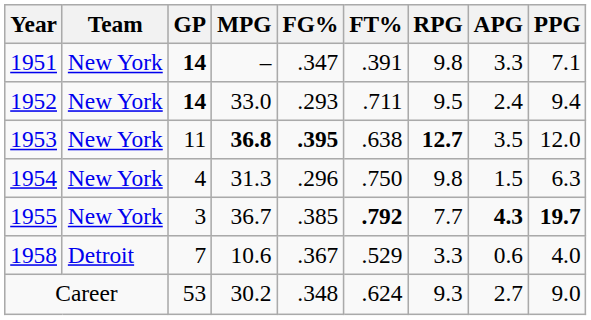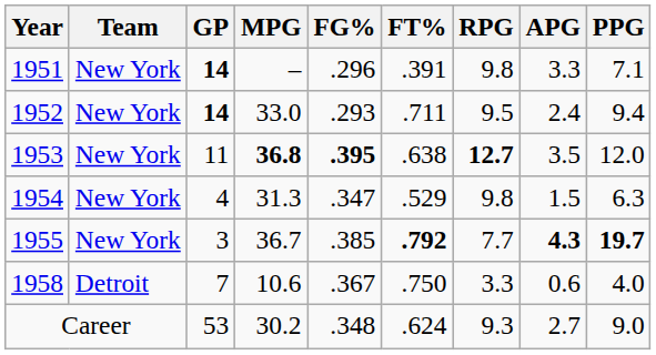 <table class="wikitable sortable" style="font-size:95%; text-align:right;">
 <tr>
 <th>Year</th>
 <th>Team</th>
 <th>GP</th>
 <th>MPG</th>
 <th>FG%</th>
 <th>FT%</th>
 <th>RPG</th>
 <th>APG</th>
 <th>PPG</th>
 </tr>
 <tr>
 <td style="text-align:left;"><a href='#'>1951</a></td>
 <td style="text-align:left;"><a href='#'>New York</a></td>
 <td><strong>14</strong></td>
 <td>–</td>
-<td>.347</td>
+<td>.296</td>
 <td>.391</td>
 <td>9.8</td>
 <td>3.3</td>
 <td>7.1</td>
 </tr>
 <tr>
 <td style="text-align:left;"><a href='#'>1952</a></td>
 <td style="text-align:left;"><a href='#'>New York</a></td>
 <td><strong>14</strong></td>
 <td>33.0</td>
 <td>.293</td>
 <td>.711</td>
 <td>9.5</td>
 <td>2.4</td>
 <td>9.4</td>
 </tr>
 <tr>
 <td style="text-align:left;"><a href='#'>1953</a></td>
 <td style="text-align:left;"><a href='#'>New York</a></td>
 <td>11</td>
 <td><strong>36.8</strong></td>
 <td><strong>.395</strong></td>
 <td>.638</td>
 <td><strong>12.7</strong></td>
 <td>3.5</td>
 <td>12.0</td>
 </tr>
 <tr>
 <td style="text-align:left;"><a href='#'>1954</a></td>
 <td style="text-align:left;"><a href='#'>New York</a></td>
 <td>4</td>
 <td>31.3</td>
-<td>.296</td>
-<td>.750</td>
+<td>.347</td>
+<td>.529</td>
 <td>9.8</td>
 <td>1.5</td>
 <td>6.3</td>
 </tr>
 <tr>
 <td style="text-align:left;"><a href='#'>1955</a></td>
 <td style="text-align:left;"><a href='#'>New York</a></td>
 <td>3</td>
 <td>36.7</td>
 <td>.385</td>
 <td><strong>.792</strong></td>
 <td>7.7</td>
 <td><strong>4.3</strong></td>
 <td><strong>19.7</strong></td>
 </tr>
 <tr>
 <td style="text-align:left;"><a href='#'>1958</a></td>
 <td style="text-align:left;"><a href='#'>Detroit</a></td>
 <td>7</td>
 <td>10.6</td>
 <td>.367</td>
-<td>.529</td>
+<td>.750</td>
 <td>3.3</td>
 <td>0.6</td>
 <td>4.0</td>
 </tr>
 <tr class="sortbottom">
 <td colspan="2" style="text-align:center;">Career</td>
 <td>53</td>
 <td>30.2</td>
 <td>.348</td>
 <td>.624</td>
 <td>9.3</td>
 <td>2.7</td>
 <td>9.0</td>
 </tr>
 </table>
